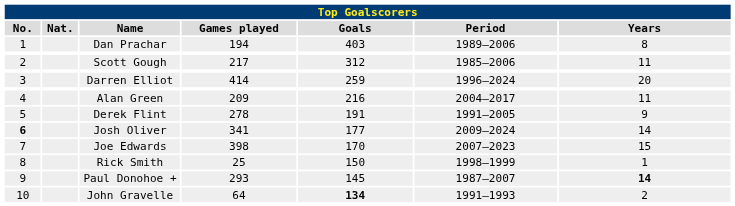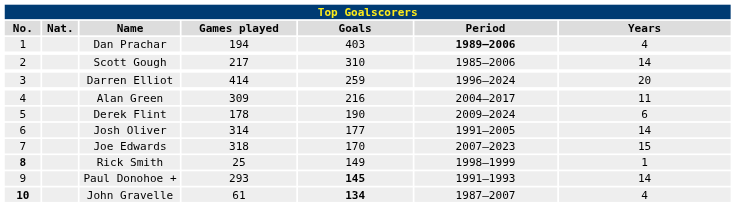 <table class="toccolours"  style="width:97%; clear:both; margin:1.5em auto; text-align:center;">
 <tr>
 <th colspan="11" style="background:#003b73; color:#fdeb1b;”">Top Goalscorers</th>
 </tr>
 <tr style="background:#ddd;">
 <th width=5%>No.</th>
 <th width=5%>Nat.</th>
 <th !width=22%>Name</th>
 <th width=16%>Games played</th>
 <th width=16%>Goals</th>
 <th width=20%>Period</th>
 <th width=24%>Years</th>
 </tr>
 <tr style="background:#eee;">
 <td>1</td>
 <td></td>
 <td>Dan Prachar</td>
 <td>194</td>
 <td>403</td>
-<td>1989–2006</td>
-<td>8</td>
+<td><strong>1989–2006</strong></td>
+<td>4</td>
 </tr>
 <tr style="background:#eee;">
 </tr>
 <tr style="background:#eee;">
 <td>2</td>
 <td></td>
 <td>Scott Gough</td>
 <td>217</td>
-<td>312</td>
+<td>310</td>
 <td>1985–2006</td>
-<td>11</td>
+<td>14</td>
 </tr>
 <tr style="background:#eee;">
 </tr>
 <tr style="background:#eee;">
 <td>3</td>
 <td></td>
 <td>Darren Elliot</td>
 <td>414</td>
 <td>259</td>
 <td>1996–2024</td>
 <td>20</td>
 </tr>
 <tr style="background:#eee;">
 </tr>
 <tr style="background:#eee;">
 <td>4</td>
 <td></td>
 <td>Alan Green</td>
-<td>209</td>
+<td>309</td>
 <td>216</td>
 <td>2004–2017</td>
 <td>11</td>
 </tr>
 <tr style="background:#eee;">
 <td>5</td>
 <td></td>
 <td>Derek Flint</td>
-<td>278</td>
-<td>191</td>
-<td>1991–2005</td>
-<td>9</td>
+<td>178</td>
+<td>190</td>
+<td>2009–2024</td>
+<td>6</td>
 </tr>
 <tr style="background:#eee;">
-<td><strong>6</strong></td>
+<td>6</td>
 <td></td>
 <td>Josh Oliver</td>
-<td>341</td>
+<td>314</td>
 <td>177</td>
-<td>2009–2024</td>
+<td>1991–2005</td>
 <td>14</td>
 </tr>
 <tr style="background:#eee;">
 <td>7</td>
 <td></td>
 <td>Joe Edwards</td>
-<td>398</td>
+<td>318</td>
 <td>170</td>
 <td>2007–2023</td>
 <td>15</td>
 </tr>
 <tr style="background:#eee;">
-<td>8</td>
+<td><strong>8</strong></td>
 <td></td>
 <td>Rick Smith</td>
 <td>25</td>
-<td>150</td>
+<td>149</td>
 <td>1998–1999</td>
 <td>1</td>
 </tr>
 <tr style="background:#eee;">
 <td>9</td>
 <td></td>
 <td>Paul Donohoe +</td>
 <td>293</td>
-<td>145</td>
-<td>1987–2007</td>
-<td><strong>14</strong></td>
+<td><strong>145</strong></td>
+<td>1991–1993</td>
+<td>14</td>
 </tr>
 <tr style="background:#eee;">
-<td>10</td>
+<td><strong>10</strong></td>
 <td></td>
 <td>John Gravelle</td>
-<td>64</td>
+<td>61</td>
 <td><strong>134</strong></td>
-<td>1991–1993</td>
-<td>2</td>
+<td>1987–2007</td>
+<td>4</td>
 </tr>
 <tr style="background:#eee;">
 </tr>
 </table>
